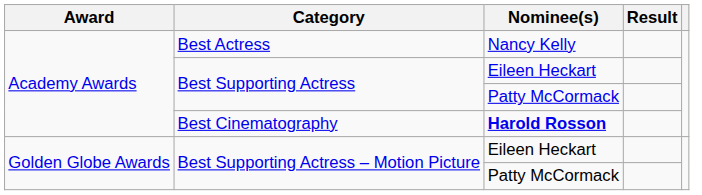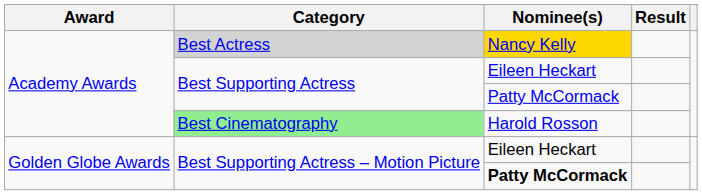 <table class="wikitable plainrowheaders">
 <tr>
 <th>Award</th>
 <th>Category</th>
 <th>Nominee(s)</th>
 <th>Result</th>
 <th></th>
 </tr>
 <tr>
 <td rowspan="4"><a href='#'>Academy Awards</a></td>
-<td><a href='#'>Best Actress</a></td>
-<td><a href='#'>Nancy Kelly</a></td>
+<td style="background: lightgrey;"><a href='#'>Best Actress</a></td>
+<td style="background: gold;"><a href='#'>Nancy Kelly</a></td>
 <td></td>
 <td align="center" rowspan="4"></td>
 </tr>
 <tr>
 <td rowspan="2"><a href='#'>Best Supporting Actress</a></td>
 <td><a href='#'>Eileen Heckart</a></td>
 <td></td>
 </tr>
 <tr>
 <td><a href='#'>Patty McCormack</a></td>
 <td></td>
 </tr>
 <tr>
-<td><a href='#'>Best Cinematography</a></td>
-<td><strong><a href='#'>Harold Rosson</a></strong></td>
+<td style="background: lightgreen;"><a href='#'>Best Cinematography</a></td>
+<td><a href='#'>Harold Rosson</a></td>
 <td></td>
 </tr>
 <tr>
 <td rowspan="2"><a href='#'>Golden Globe Awards</a></td>
 <td rowspan="2"><a href='#'>Best Supporting Actress – Motion Picture</a></td>
 <td>Eileen Heckart</td>
 <td></td>
 <td style="text-align:center;" rowspan="2"></td>
 </tr>
 <tr>
-<td>Patty McCormack</td>
+<td><strong>Patty McCormack</strong></td>
 <td></td>
 </tr>
 </table>
